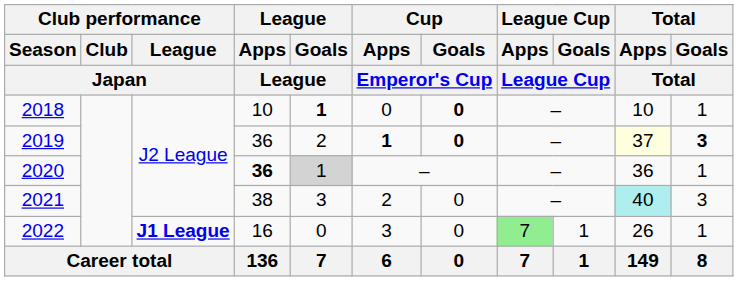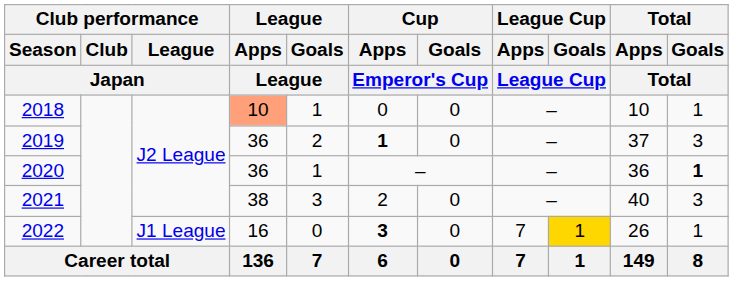 <table class="wikitable" style="text-align:center">
 <tr>
 <th colspan=3>Club performance</th>
 <th colspan=2>League</th>
 <th colspan=2>Cup</th>
 <th colspan=2>League Cup</th>
 <th colspan=2>Total</th>
 </tr>
 <tr>
 <th>Season</th>
 <th>Club</th>
 <th>League</th>
 <th>Apps</th>
 <th>Goals</th>
 <th>Apps</th>
 <th>Goals</th>
 <th>Apps</th>
 <th>Goals</th>
 <th>Apps</th>
 <th>Goals</th>
 </tr>
 <tr>
 <th colspan=3>Japan</th>
 <th colspan=2>League</th>
 <th colspan=2><a href='#'>Emperor's Cup</a></th>
 <th colspan=2><a href='#'>League Cup</a></th>
 <th colspan=2>Total</th>
 </tr>
 <tr>
 <td><a href='#'>2018</a></td>
 <td rowspan="5"></td>
 <td rowspan="4"><a href='#'>J2 League</a></td>
-<td>10</td>
-<td><strong>1</strong></td>
+<td style="background: lightsalmon;">10</td>
+<td>1</td>
 <td>0</td>
-<td><strong>0</strong></td>
+<td>0</td>
 <td colspan=2>–</td>
 <td>10</td>
 <td>1</td>
 </tr>
 <tr>
 <td><a href='#'>2019</a></td>
 <td>36</td>
 <td>2</td>
 <td><strong>1</strong></td>
-<td><strong>0</strong></td>
+<td>0</td>
 <td colspan=2>–</td>
-<td style="background: lightyellow;">37</td>
-<td><strong>3</strong></td>
+<td>37</td>
+<td>3</td>
 </tr>
 <tr>
 <td><a href='#'>2020</a></td>
-<td><strong>36</strong></td>
-<td style="background: lightgrey;">1</td>
+<td>36</td>
+<td>1</td>
 <td colspan="2">–</td>
 <td colspan="2">–</td>
 <td>36</td>
-<td>1</td>
+<td><strong>1</strong></td>
 </tr>
 <tr>
 <td><a href='#'>2021</a></td>
 <td>38</td>
 <td>3</td>
 <td>2</td>
 <td>0</td>
 <td colspan="2">–</td>
-<td style="background: paleturquoise;">40</td>
+<td>40</td>
 <td>3</td>
 </tr>
 <tr>
 <td><a href='#'>2022</a></td>
-<td><strong><a href='#'>J1 League</a></strong></td>
+<td><a href='#'>J1 League</a></td>
 <td>16</td>
 <td>0</td>
-<td>3</td>
+<td><strong>3</strong></td>
 <td>0</td>
-<td style="background: lightgreen;">7</td>
-<td>1</td>
+<td>7</td>
+<td style="background: gold;">1</td>
 <td>26</td>
 <td>1</td>
 </tr>
 <tr>
 <th colspan="3">Career total</th>
 <th>136</th>
 <th>7</th>
 <th>6</th>
 <th>0</th>
 <th>7</th>
 <th>1</th>
 <th>149</th>
 <th>8</th>
 </tr>
 </table>
